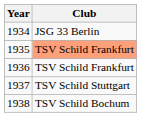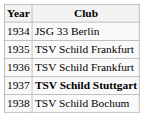 <table class="wikitable">
 <tr>
 <th>Year</th>
 <th>Club</th>
 </tr>
 <tr>
 <td>1934</td>
 <td>JSG 33 Berlin</td>
 </tr>
 <tr>
 <td>1935</td>
-<td style="background: lightsalmon;">TSV Schild Frankfurt</td>
+<td>TSV Schild Frankfurt</td>
 </tr>
 <tr>
 <td>1936</td>
 <td>TSV Schild Frankfurt</td>
 </tr>
 <tr>
 <td>1937</td>
-<td>TSV Schild Stuttgart</td>
+<td><strong>TSV Schild Stuttgart</strong></td>
 </tr>
 <tr>
 <td>1938</td>
 <td>TSV Schild Bochum</td>
 </tr>
 </table>
